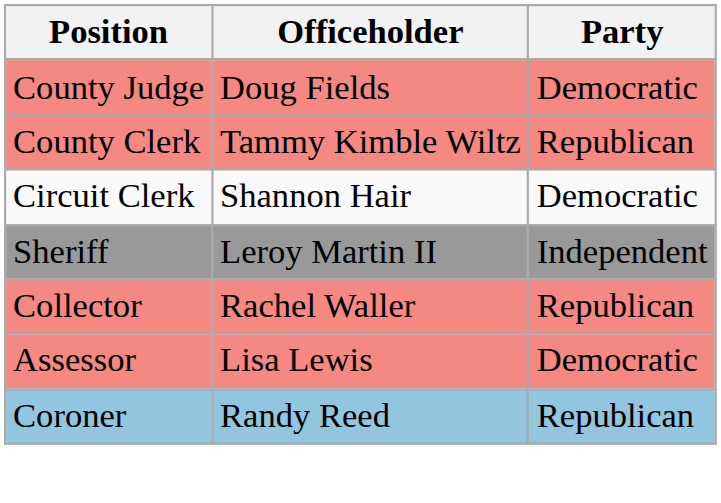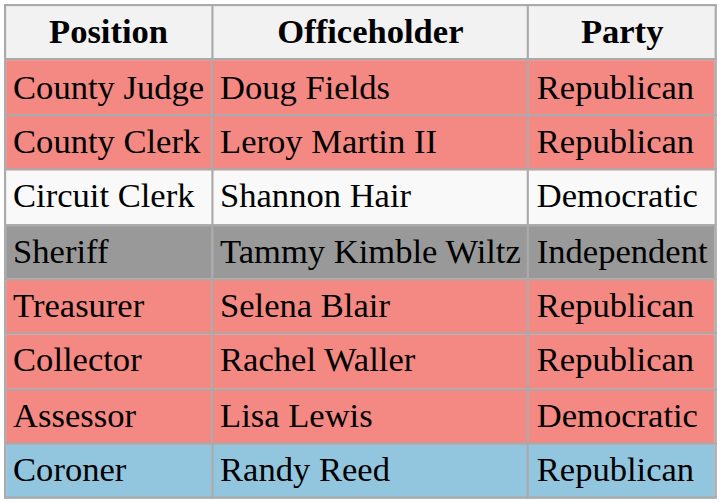 <table class="wikitable">
 <tr>
 <th>Position</th>
 <th>Officeholder</th>
 <th>Party</th>
 </tr>
 <tr style="background-color:#F48882;">
 <td>County Judge</td>
 <td>Doug Fields</td>
-<td>Democratic</td>
+<td>Republican</td>
 </tr>
 <tr style="background-color:#F48882;">
 <td>County Clerk</td>
-<td>Tammy Kimble Wiltz</td>
+<td>Leroy Martin II</td>
 <td>Republican</td>
 </tr>
 <tr>
 <td>Circuit Clerk</td>
 <td>Shannon Hair</td>
 <td>Democratic</td>
 </tr>
 <tr style="background-color:#999999;">
 <td>Sheriff</td>
-<td>Leroy Martin II</td>
+<td>Tammy Kimble Wiltz</td>
 <td>Independent</td>
+</tr>
+<tr style="background-color:#F48882;">
+<td>Treasurer</td>
+<td>Selena Blair</td>
+<td>Republican</td>
 </tr>
 <tr style="background-color:#F48882;">
 <td>Collector</td>
 <td>Rachel Waller</td>
 <td>Republican</td>
 </tr>
 <tr style="background-color:#F48882;">
 <td>Assessor</td>
 <td>Lisa Lewis</td>
 <td>Democratic</td>
 </tr>
 <tr style="background-color:#92C5DE;">
 <td>Coroner</td>
 <td>Randy Reed</td>
 <td>Republican</td>
 </tr>
 </table>
